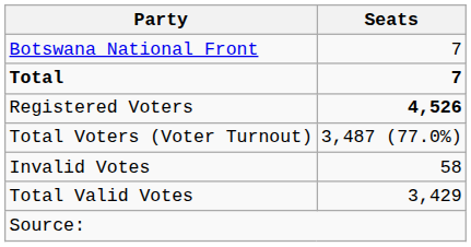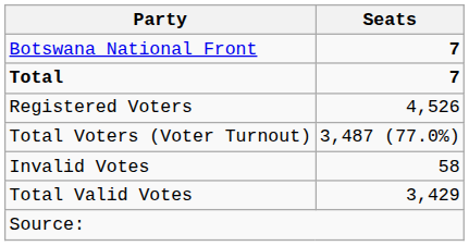 <table class=wikitable style=text-align:right>
 <tr>
 <th>Party</th>
 <th>Seats</th>
 </tr>
 <tr>
 <td align=left><a href='#'>Botswana National Front</a></td>
-<td>7</td>
+<td><strong>7</strong></td>
 </tr>
 <tr>
 <td align=left><strong>Total</strong></td>
 <td><strong>7</strong></td>
 </tr>
 <tr>
 <td align=left>Registered Voters</td>
-<td><strong>4,526</strong></td>
+<td>4,526</td>
 </tr>
 <tr>
 <td align=left>Total Voters (Voter Turnout)</td>
 <td>3,487 (77.0%)</td>
 </tr>
 <tr>
 <td align=left>Invalid Votes</td>
 <td>58</td>
 </tr>
 <tr>
 <td align=left>Total Valid Votes</td>
 <td>3,429</td>
 </tr>
 <tr>
 <td colspan=4 align=left>Source: </td>
 </tr>
 </table>
